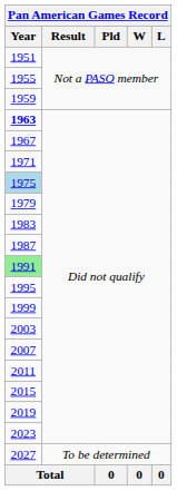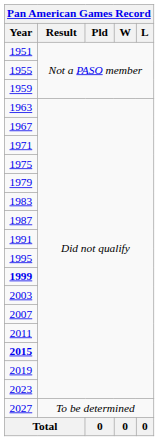 <table class="wikitable" style="text-align: center;font-size:90%;">
 <tr>
 <th colspan=5><a href='#'>Pan American Games Record</a></th>
 </tr>
 <tr>
 <th>Year</th>
 <th>Result</th>
 <th>Pld</th>
 <th>W</th>
 <th>L</th>
 </tr>
 <tr>
 <td> <a href='#'>1951</a></td>
 <td rowspan=3 colspan=4><em>Not a <a href='#'>PASO</a> member</em></td>
 </tr>
 <tr>
 <td> <a href='#'>1955</a></td>
 </tr>
 <tr>
 <td> <a href='#'>1959</a></td>
 </tr>
 <tr>
-<td><strong> <a href='#'>1963</a></strong></td>
+<td> <a href='#'>1963</a></td>
 <td rowspan=16 colspan=4><em>Did not qualify</em></td>
 </tr>
 <tr>
 <td> <a href='#'>1967</a></td>
 </tr>
 <tr>
 <td> <a href='#'>1971</a></td>
 </tr>
 <tr>
-<td style="background: lightblue;"> <a href='#'>1975</a></td>
+<td> <a href='#'>1975</a></td>
 </tr>
 <tr>
 <td> <a href='#'>1979</a></td>
 </tr>
 <tr>
 <td> <a href='#'>1983</a></td>
 </tr>
 <tr>
 <td> <a href='#'>1987</a></td>
 </tr>
 <tr>
-<td style="background: lightgreen;"> <a href='#'>1991</a></td>
+<td> <a href='#'>1991</a></td>
 </tr>
 <tr>
 <td> <a href='#'>1995</a></td>
 </tr>
 <tr>
-<td> <a href='#'>1999</a></td>
+<td><strong> <a href='#'>1999</a></strong></td>
 </tr>
 <tr>
 <td> <a href='#'>2003</a></td>
 </tr>
 <tr>
 <td> <a href='#'>2007</a></td>
 </tr>
 <tr>
 <td> <a href='#'>2011</a></td>
 </tr>
 <tr>
-<td> <a href='#'>2015</a></td>
+<td><strong> <a href='#'>2015</a></strong></td>
 </tr>
 <tr>
 <td> <a href='#'>2019</a></td>
 </tr>
 <tr>
 <td> <a href='#'>2023</a></td>
 </tr>
 <tr>
 <td> <a href='#'>2027</a></td>
 <td colspan=4><em>To be determined</em></td>
 </tr>
 <tr>
 <th colspan=2>Total</th>
 <th>0</th>
 <th>0</th>
 <th>0</th>
 </tr>
 </table>
